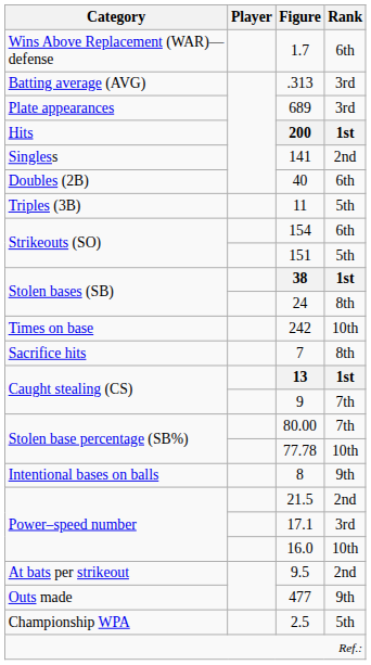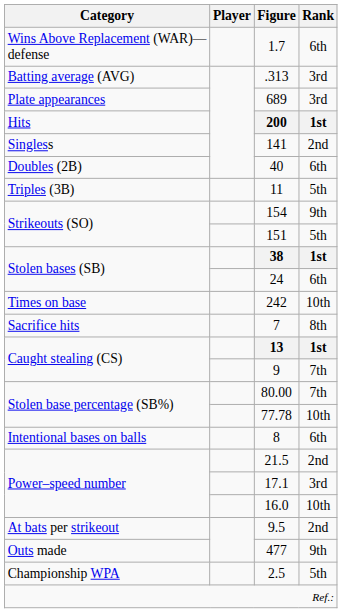 <table class="wikitable sortable sticky-header" border="1" style="font-size: 90%">
 <tr>
 <th>Category</th>
 <th>Player</th>
 <th>Figure</th>
 <th>Rank</th>
 </tr>
 <tr>
 <td><a href='#'>Wins Above Replacement</a> (WAR)—<br>defense</td>
 <td></td>
 <td align="center">1.7</td>
 <td align="center">6th</td>
 </tr>
 <tr>
 <td><a href='#'>Batting average</a> (AVG)</td>
 <td rowspan="5"></td>
 <td align="center">.313</td>
 <td align="center">3rd</td>
 </tr>
 <tr>
 <td><a href='#'>Plate appearances</a></td>
 <td align="center">689</td>
 <td align="center">3rd</td>
 </tr>
 <tr>
 <td><a href='#'>Hits</a></td>
 <th align="center">200</th>
 <th align="center">1st</th>
 </tr>
 <tr>
 <td><a href='#'>Singles</a>s</td>
 <td align="center">141</td>
 <td align="center">2nd</td>
 </tr>
 <tr>
 <td><a href='#'>Doubles</a> (2B)</td>
 <td align="center">40</td>
 <td align="center">6th</td>
 </tr>
 <tr>
 <td><a href='#'>Triples</a> (3B)</td>
 <td></td>
 <td align="center">11</td>
 <td align="center">5th</td>
 </tr>
 <tr>
 <td rowspan="2"><a href='#'>Strikeouts</a> (SO)</td>
 <td></td>
 <td align="center">154</td>
-<td align="center">6th</td>
+<td align="center">9th</td>
 </tr>
 <tr>
 <td></td>
 <td align="center">151</td>
 <td align="center">5th</td>
 </tr>
 <tr>
 <td rowspan="2"><a href='#'>Stolen bases</a> (SB)</td>
 <td></td>
 <th align="center">38</th>
 <th align="center">1st</th>
 </tr>
 <tr>
 <td></td>
 <td align="center">24</td>
-<td align="center">8th</td>
+<td align="center">6th</td>
 </tr>
 <tr>
 <td><a href='#'>Times on base</a></td>
 <td></td>
 <td align="center">242</td>
 <td align="center">10th</td>
 </tr>
 <tr>
 <td><a href='#'>Sacrifice hits</a></td>
 <td></td>
 <td align="center">7</td>
 <td align="center">8th</td>
 </tr>
 <tr>
 <td rowspan="2"><a href='#'>Caught stealing</a> (CS)</td>
 <td></td>
 <th align="center">13</th>
 <th align="center">1st</th>
 </tr>
 <tr>
 <td></td>
 <td align="center">9</td>
 <td align="center">7th</td>
 </tr>
 <tr>
 <td rowspan="2"><a href='#'>Stolen base percentage</a> (SB%)</td>
 <td></td>
 <td align="center">80.00</td>
 <td align="center">7th</td>
 </tr>
 <tr>
 <td></td>
 <td align="center">77.78</td>
 <td align="center">10th</td>
 </tr>
 <tr>
 <td><a href='#'>Intentional bases on balls</a></td>
 <td></td>
 <td align="center">8</td>
-<td align="center">9th</td>
+<td align="center">6th</td>
 </tr>
 <tr>
 <td rowspan="3"><a href='#'>Power–speed number</a></td>
 <td></td>
 <td align="center">21.5</td>
 <td align="center">2nd</td>
 </tr>
 <tr>
 <td></td>
 <td align="center">17.1</td>
 <td align="center">3rd</td>
 </tr>
 <tr>
 <td></td>
 <td align="center">16.0</td>
 <td align="center">10th</td>
 </tr>
 <tr>
 <td><a href='#'>At bats</a> per <a href='#'>strikeout</a></td>
 <td rowspan="2"></td>
 <td align="center">9.5</td>
 <td align="center">2nd</td>
 </tr>
 <tr>
 <td><a href='#'>Outs</a> made</td>
 <td align="center">477</td>
 <td align="center">9th</td>
 </tr>
 <tr>
 <td>Championship <a href='#'>WPA</a></td>
 <td></td>
 <td align="center">2.5</td>
 <td align="center">5th</td>
 </tr>
 <tr class="sortbottom">
 <td colspan="4;" align="right"><small><em>Ref.:</em></small></td>
 </tr>
 </table>
